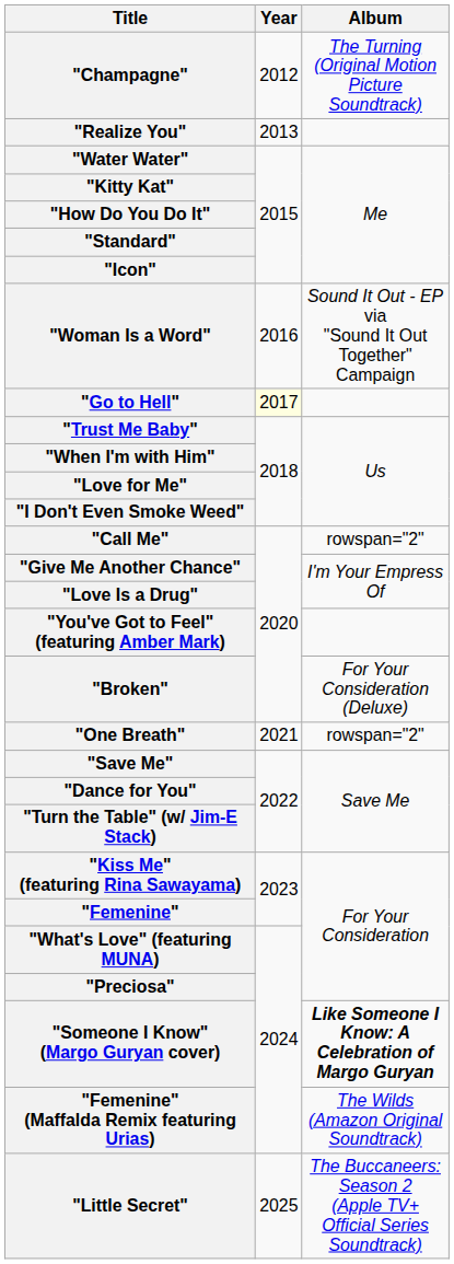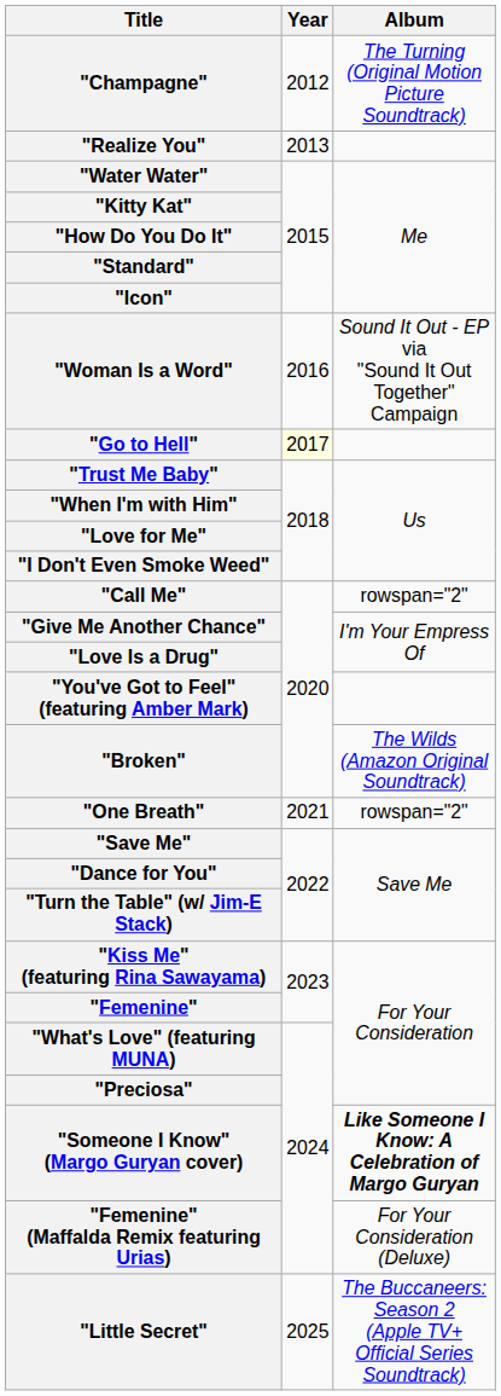 <table class="wikitable plainrowheaders" style="text-align:center;">
 <tr>
 <th scope="col" style="width:14em;">Title</th>
 <th scope="col" style="width:1em;">Year</th>
 <th scope="col" style="width:8em;">Album</th>
 </tr>
 <tr>
 <th scope="row">"Champagne"</th>
 <td>2012</td>
 <td><em><a href='#'>The Turning (Original Motion Picture Soundtrack)</a></em></td>
 </tr>
 <tr>
 <th scope="row">"Realize You"</th>
 <td>2013</td>
 </tr>
 <tr>
 <th scope="row">"Water Water"</th>
 <td rowspan="5">2015</td>
 <td rowspan="5"><em>Me</em></td>
 </tr>
 <tr>
 <th scope="row">"Kitty Kat"</th>
 </tr>
 <tr>
 <th scope="row">"How Do You Do It"</th>
 </tr>
 <tr>
 <th scope="row">"Standard"</th>
 </tr>
 <tr>
 <th scope="row">"Icon"</th>
 </tr>
 <tr>
 <th scope="row">"Woman Is a Word"</th>
 <td>2016</td>
 <td><em>Sound It Out - EP</em> via <br>"Sound It Out Together" Campaign</td>
 </tr>
 <tr>
 <th scope="row">"<a href='#'>Go to Hell</a>"</th>
 <td style="background: lightyellow;">2017</td>
 </tr>
 <tr>
 <th scope="row">"<a href='#'>Trust Me Baby</a>"</th>
 <td rowspan="4">2018</td>
 <td rowspan="4"><em>Us</em></td>
 </tr>
 <tr>
 <th scope="row">"When I'm with Him"</th>
 </tr>
 <tr>
 <th scope="row">"Love for Me"</th>
 </tr>
 <tr>
 <th scope="row">"I Don't Even Smoke Weed"</th>
 </tr>
 <tr>
 <th scope="row">"Call Me"</th>
 <td rowspan="5">2020</td>
 <td>rowspan="2" </td>
 </tr>
 <tr>
 <th scope="row">"Give Me Another Chance"</th>
 <td rowspan="2"><em>I'm Your Empress Of</em></td>
 </tr>
 <tr>
 <th scope="row">"Love Is a Drug"</th>
 </tr>
 <tr>
 <th scope="row">"You've Got to Feel" <br><span>(featuring <a href='#'>Amber Mark</a>)</span></th>
 <td></td>
 </tr>
 <tr>
 <th scope="row">"Broken"</th>
-<td rowspan="1"><em>For Your Consideration (Deluxe)</em></td>
+<td><em><a href='#'>The Wilds (Amazon Original Soundtrack)</a></em></td>
 </tr>
 <tr>
 <th scope="row">"One Breath" </th>
 <td rowspan="1">2021</td>
 <td>rowspan="2" </td>
 </tr>
 <tr>
 <th scope="row">"Save Me" </th>
 <td rowspan="3">2022</td>
 <td rowspan="3"><em>Save Me</em></td>
 </tr>
 <tr>
 <th scope="row">"Dance for You" </th>
 </tr>
 <tr>
 <th scope="row">"Turn the Table" <span>(w/ <a href='#'>Jim-E Stack</a>)</span></th>
 </tr>
 <tr>
 <th scope="row">"<a href='#'>Kiss Me</a>" <br><span>(featuring <a href='#'>Rina Sawayama</a>)</span> </th>
 <td rowspan="2">2023</td>
 <td rowspan="4"><em>For Your Consideration</em></td>
 </tr>
 <tr>
 <th scope="row">"<a href='#'>Femenine</a>"</th>
 </tr>
 <tr>
 <th scope="row">"What's Love" <span>(featuring <a href='#'>MUNA</a>)</span></th>
 <td rowspan="4">2024</td>
 </tr>
 <tr>
 <th scope="row">"Preciosa"</th>
 </tr>
 <tr>
 <th scope="row">"Someone I Know" <br><span>(<a href='#'>Margo Guryan</a> cover)</span></th>
 <td rowspan="1"><strong><em>Like Someone I Know: A Celebration of Margo Guryan</em></strong></td>
 </tr>
 <tr>
 <th scope="row">"Femenine" <br><span>(Maffalda Remix featuring <a href='#'>Urias</a>)</span></th>
-<td><em><a href='#'>The Wilds (Amazon Original Soundtrack)</a></em></td>
+<td rowspan="1"><em>For Your Consideration (Deluxe)</em></td>
 </tr>
 <tr>
 <th scope="row">"Little Secret"</th>
 <td>2025</td>
 <td><em><a href='#'>The Buccaneers: Season 2 <br>(Apple TV+ Official Series Soundtrack)</a></em></td>
 </tr>
 </table>
